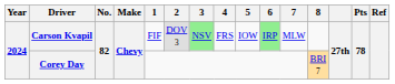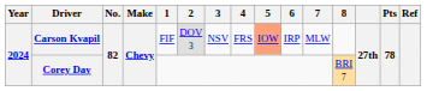 <table class="wikitable" style="text-align:center; font-size:75%">
 <tr>
 <th>Year</th>
 <th>Driver</th>
 <th>No.</th>
 <th>Make</th>
 <th>1</th>
 <th>2</th>
 <th>3</th>
 <th>4</th>
 <th>5</th>
 <th>6</th>
 <th>7</th>
 <th>8</th>
 <th></th>
 <th>Pts</th>
 <th>Ref</th>
 </tr>
 <tr>
 <th rowspan=2><a href='#'>2024</a></th>
 <th><a href='#'>Carson Kvapil</a></th>
 <th rowspan=2>82</th>
 <th rowspan=2><a href='#'>Chevy</a></th>
 <td><a href='#'>FIF</a></td>
 <td style="background:#DFDFDF;"><a href='#'>DOV</a><br><small>3</small></td>
-<td style="background: lightgreen;"><a href='#'>NSV</a></td>
+<td><a href='#'>NSV</a></td>
 <td><a href='#'>FRS</a></td>
-<td><a href='#'>IOW</a></td>
-<td style="background: lightgreen;"><a href='#'>IRP</a></td>
+<td style="background: lightsalmon;"><a href='#'>IOW</a></td>
+<td><a href='#'>IRP</a></td>
 <td><a href='#'>MLW</a></td>
 <td></td>
 <th rowspan=2>27th</th>
 <th rowspan=2>78</th>
 <th rowspan=2></th>
 </tr>
 <tr>
 <th><a href='#'>Corey Day</a></th>
 <td colspan=7></td>
 <td style="background:#FFDF9F;"><a href='#'>BRI</a><br><small>7</small></td>
 </tr>
 </table>
